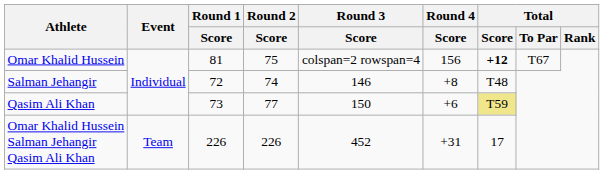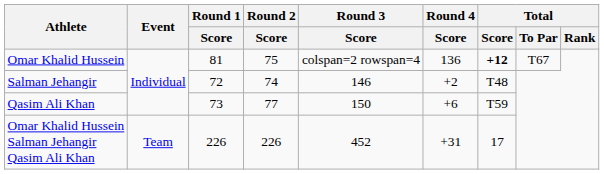 <table class=wikitable style="text-align:center; font-size:90%">
 <tr>
 <th rowspan="2">Athlete</th>
 <th rowspan="2">Event</th>
 <th>Round 1</th>
 <th>Round 2</th>
 <th>Round 3</th>
 <th>Round 4</th>
 <th colspan="3">Total</th>
 </tr>
 <tr>
 <th>Score</th>
 <th>Score</th>
 <th>Score</th>
 <th>Score</th>
 <th>Score</th>
 <th>To Par</th>
 <th>Rank</th>
 </tr>
 <tr>
 <td style="text-align:left"><a href='#'>Omar Khalid Hussein</a></td>
 <td rowspan="3"><a href='#'>Individual</a></td>
 <td>81</td>
 <td>75</td>
 <td>colspan=2 rowspan=4</td>
-<td>156</td>
+<td>136</td>
 <td><strong>+12</strong></td>
 <td>T67</td>
 </tr>
 <tr>
 <td style="text-align:left"><a href='#'>Salman Jehangir</a></td>
 <td>72</td>
 <td>74</td>
 <td>146</td>
-<td>+8</td>
+<td>+2</td>
 <td>T48</td>
 </tr>
 <tr>
 <td style="text-align:left"><a href='#'>Qasim Ali Khan</a></td>
 <td>73</td>
 <td>77</td>
 <td>150</td>
 <td>+6</td>
-<td style="background: khaki;">T59</td>
+<td>T59</td>
 </tr>
 <tr>
 <td style="text-align:left"><a href='#'>Omar Khalid Hussein</a><br><a href='#'>Salman Jehangir</a><br><a href='#'>Qasim Ali Khan</a></td>
 <td><a href='#'>Team</a></td>
 <td>226</td>
 <td>226</td>
 <td>452</td>
 <td>+31</td>
 <td>17</td>
 </tr>
 </table>
